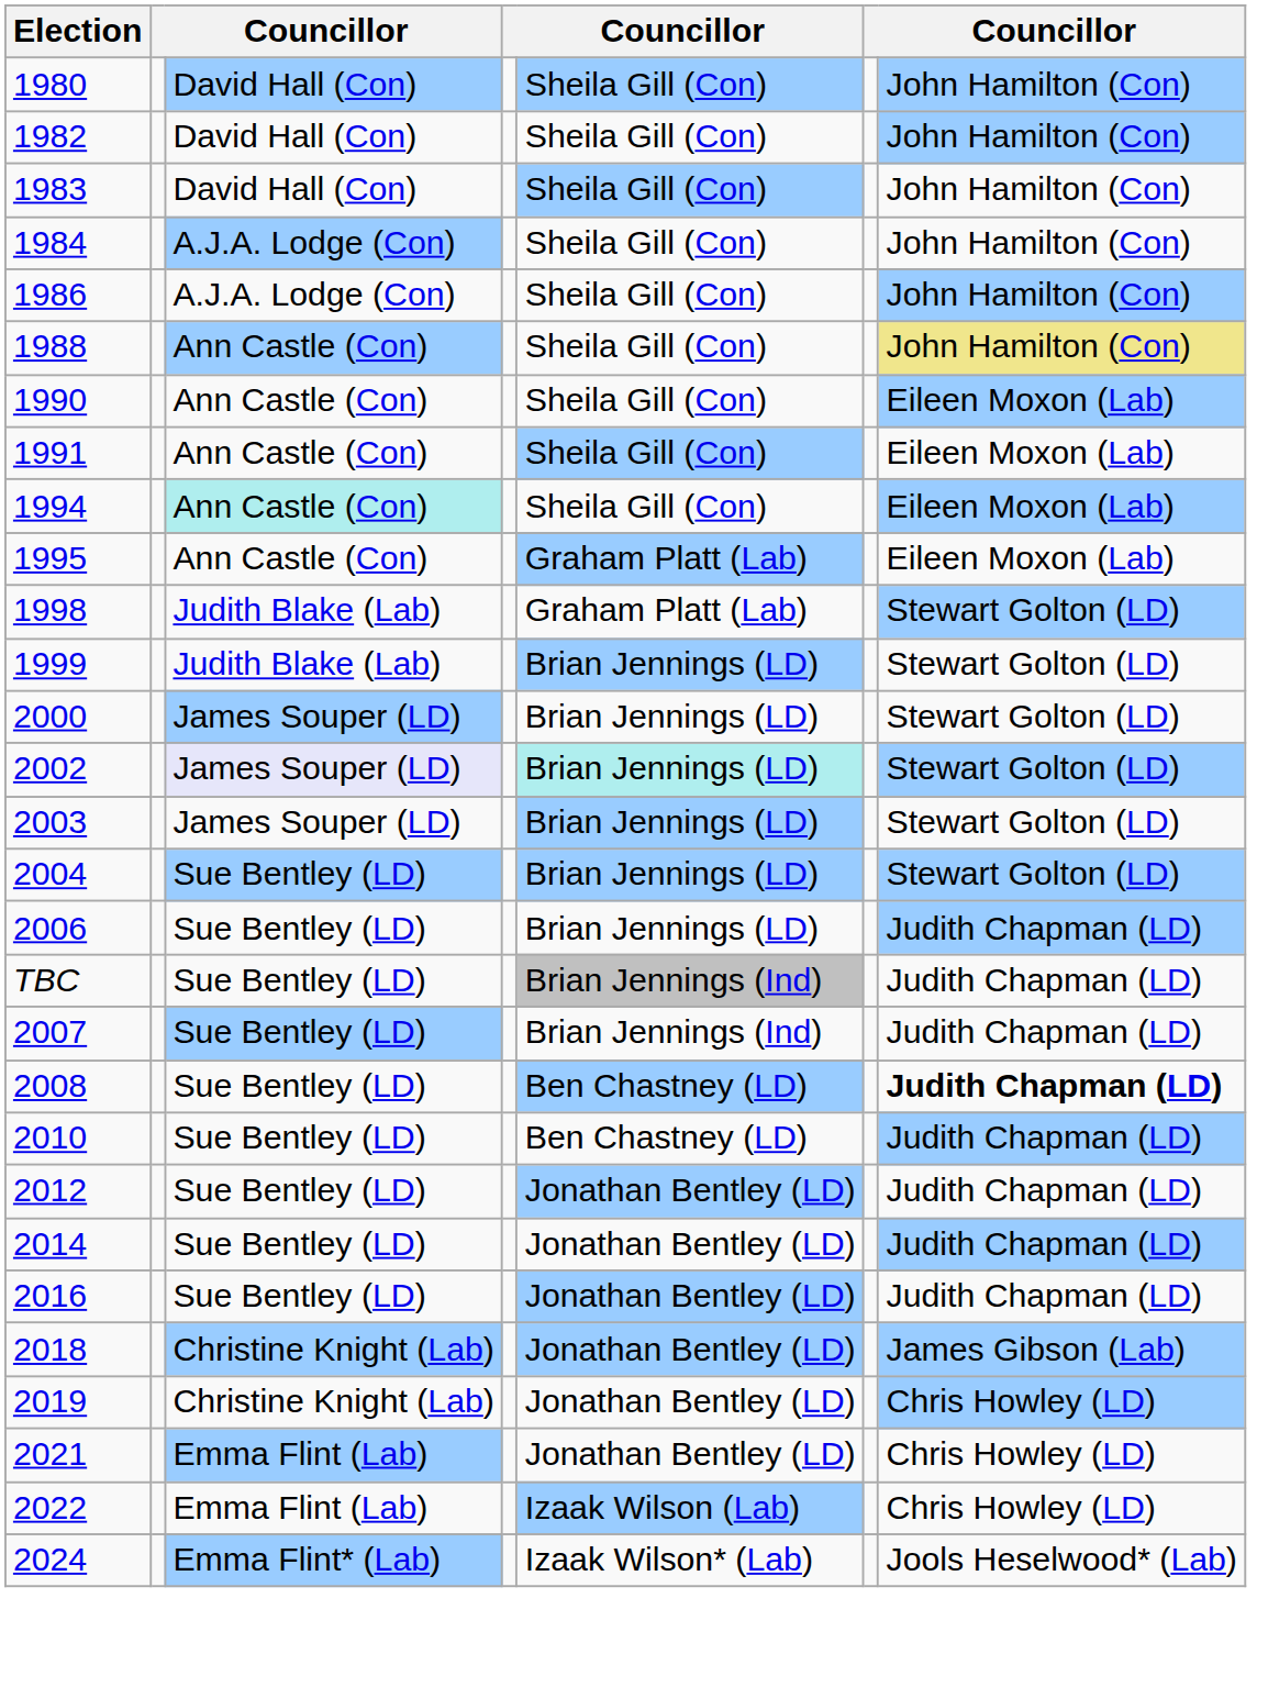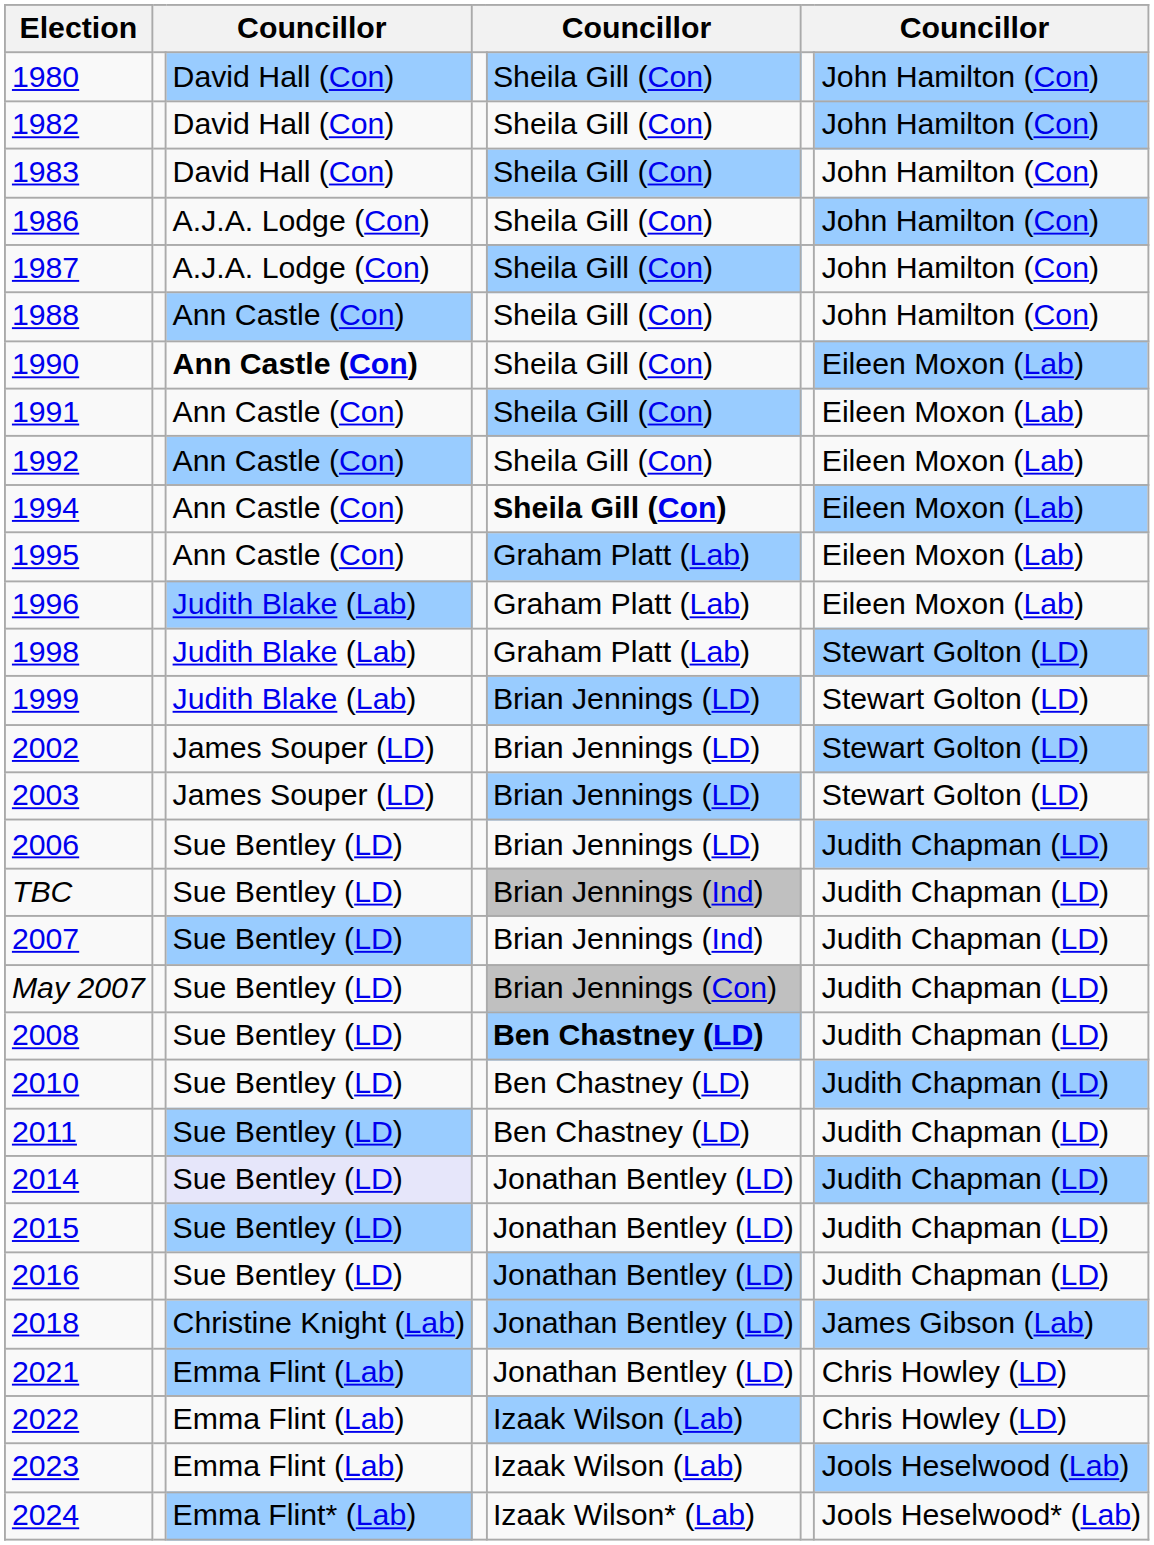 <table class="wikitable">
 <tr>
 <th>Election</th>
 <th colspan="2">Councillor</th>
 <th colspan="2">Councillor</th>
 <th colspan="2">Councillor</th>
 </tr>
 <tr>
 <td><a href='#'>1980</a></td>
 <td style="background-color: "></td>
 <td bgcolor="#99CCFF">David Hall (<a href='#'>Con</a>)</td>
 <td style="background-color: "></td>
 <td bgcolor="#99CCFF">Sheila Gill (<a href='#'>Con</a>)</td>
 <td style="background-color: "></td>
 <td bgcolor="#99CCFF">John Hamilton (<a href='#'>Con</a>)</td>
 </tr>
 <tr>
 <td><a href='#'>1982</a></td>
 <td style="background-color: "></td>
 <td>David Hall (<a href='#'>Con</a>)</td>
 <td style="background-color: "></td>
 <td>Sheila Gill (<a href='#'>Con</a>)</td>
 <td style="background-color: "></td>
 <td bgcolor="#99CCFF">John Hamilton (<a href='#'>Con</a>)</td>
 </tr>
 <tr>
 <td><a href='#'>1983</a></td>
 <td style="background-color: "></td>
 <td>David Hall (<a href='#'>Con</a>)</td>
 <td style="background-color: "></td>
 <td bgcolor="#99CCFF">Sheila Gill (<a href='#'>Con</a>)</td>
 <td style="background-color: "></td>
 <td>John Hamilton (<a href='#'>Con</a>)</td>
 </tr>
 <tr>
-<td><a href='#'>1984</a></td>
-<td style="background-color: "></td>
-<td bgcolor="#99CCFF">A.J.A. Lodge (<a href='#'>Con</a>)</td>
-<td style="background-color: "></td>
-<td>Sheila Gill (<a href='#'>Con</a>)</td>
-<td style="background-color: "></td>
-<td>John Hamilton (<a href='#'>Con</a>)</td>
-</tr>
-<tr>
 <td><a href='#'>1986</a></td>
 <td style="background-color: "></td>
 <td>A.J.A. Lodge (<a href='#'>Con</a>)</td>
 <td style="background-color: "></td>
 <td>Sheila Gill (<a href='#'>Con</a>)</td>
 <td style="background-color: "></td>
 <td bgcolor="#99CCFF">John Hamilton (<a href='#'>Con</a>)</td>
 </tr>
 <tr>
+<td><a href='#'>1987</a></td>
+<td style="background-color: "></td>
+<td>A.J.A. Lodge (<a href='#'>Con</a>)</td>
+<td style="background-color: "></td>
+<td bgcolor="#99CCFF">Sheila Gill (<a href='#'>Con</a>)</td>
+<td style="background-color: "></td>
+<td>John Hamilton (<a href='#'>Con</a>)</td>
+</tr>
+<tr>
 <td><a href='#'>1988</a></td>
 <td style="background-color: "></td>
 <td bgcolor="#99CCFF">Ann Castle (<a href='#'>Con</a>)</td>
 <td style="background-color: "></td>
 <td>Sheila Gill (<a href='#'>Con</a>)</td>
 <td style="background-color: "></td>
-<td style="background: khaki;">John Hamilton (<a href='#'>Con</a>)</td>
+<td>John Hamilton (<a href='#'>Con</a>)</td>
 </tr>
 <tr>
 <td><a href='#'>1990</a></td>
 <td style="background-color: "></td>
-<td>Ann Castle (<a href='#'>Con</a>)</td>
+<td><strong>Ann Castle (<a href='#'>Con</a>)</strong></td>
 <td style="background-color: "></td>
 <td>Sheila Gill (<a href='#'>Con</a>)</td>
 <td style="background-color: "></td>
 <td bgcolor="#99CCFF">Eileen Moxon (<a href='#'>Lab</a>)</td>
 </tr>
 <tr>
 <td><a href='#'>1991</a></td>
 <td style="background-color: "></td>
 <td>Ann Castle (<a href='#'>Con</a>)</td>
 <td style="background-color: "></td>
 <td bgcolor="#99CCFF">Sheila Gill (<a href='#'>Con</a>)</td>
 <td style="background-color: "></td>
 <td>Eileen Moxon (<a href='#'>Lab</a>)</td>
 </tr>
 <tr>
+<td><a href='#'>1992</a></td>
+<td style="background-color: "></td>
+<td bgcolor="#99CCFF">Ann Castle (<a href='#'>Con</a>)</td>
+<td style="background-color: "></td>
+<td>Sheila Gill (<a href='#'>Con</a>)</td>
+<td style="background-color: "></td>
+<td>Eileen Moxon (<a href='#'>Lab</a>)</td>
+</tr>
+<tr>
 <td><a href='#'>1994</a></td>
 <td style="background-color: "></td>
-<td style="background: paleturquoise;">Ann Castle (<a href='#'>Con</a>)</td>
+<td>Ann Castle (<a href='#'>Con</a>)</td>
 <td style="background-color: "></td>
-<td>Sheila Gill (<a href='#'>Con</a>)</td>
+<td><strong>Sheila Gill (<a href='#'>Con</a>)</strong></td>
 <td style="background-color: "></td>
 <td bgcolor="#99CCFF">Eileen Moxon (<a href='#'>Lab</a>)</td>
 </tr>
 <tr>
 <td><a href='#'>1995</a></td>
 <td style="background-color: "></td>
 <td>Ann Castle (<a href='#'>Con</a>)</td>
 <td style="background-color: "></td>
 <td bgcolor="#99CCFF">Graham Platt (<a href='#'>Lab</a>)</td>
+<td style="background-color: "></td>
+<td>Eileen Moxon (<a href='#'>Lab</a>)</td>
+</tr>
+<tr>
+<td><a href='#'>1996</a></td>
+<td style="background-color: "></td>
+<td bgcolor="#99CCFF"><a href='#'>Judith Blake</a> (<a href='#'>Lab</a>)<br></td>
+<td style="background-color: "></td>
+<td>Graham Platt (<a href='#'>Lab</a>)</td>
 <td style="background-color: "></td>
 <td>Eileen Moxon (<a href='#'>Lab</a>)</td>
 </tr>
 <tr>
 <td><a href='#'>1998</a></td>
 <td style="background-color: "></td>
 <td><a href='#'>Judith Blake</a> (<a href='#'>Lab</a>)</td>
 <td style="background-color: "></td>
 <td>Graham Platt (<a href='#'>Lab</a>)</td>
 <td style="background-color: "></td>
 <td bgcolor="#99CCFF">Stewart Golton (<a href='#'>LD</a>)</td>
 </tr>
 <tr>
 <td><a href='#'>1999</a></td>
 <td style="background-color: "></td>
 <td><a href='#'>Judith Blake</a> (<a href='#'>Lab</a>)</td>
 <td style="background-color: "></td>
 <td bgcolor="#99CCFF">Brian Jennings (<a href='#'>LD</a>)</td>
 <td style="background-color: "></td>
 <td>Stewart Golton (<a href='#'>LD</a>)</td>
 </tr>
 <tr>
-<td><a href='#'>2000</a></td>
+<td><a href='#'>2002</a></td>
 <td style="background-color: "></td>
-<td bgcolor="#99CCFF">James Souper (<a href='#'>LD</a>)</td>
+<td>James Souper (<a href='#'>LD</a>)</td>
 <td style="background-color: "></td>
 <td>Brian Jennings (<a href='#'>LD</a>)</td>
-<td style="background-color: "></td>
-<td>Stewart Golton (<a href='#'>LD</a>)</td>
-</tr>
-<tr>
-<td><a href='#'>2002</a></td>
-<td style="background-color: "></td>
-<td style="background: lavender;">James Souper (<a href='#'>LD</a>)</td>
-<td style="background-color: "></td>
-<td style="background: paleturquoise;">Brian Jennings (<a href='#'>LD</a>)</td>
 <td style="background-color: "></td>
 <td bgcolor="#99CCFF">Stewart Golton (<a href='#'>LD</a>)</td>
 </tr>
 <tr>
 <td><a href='#'>2003</a></td>
 <td style="background-color: "></td>
 <td>James Souper (<a href='#'>LD</a>)</td>
 <td style="background-color: "></td>
 <td bgcolor="#99CCFF">Brian Jennings (<a href='#'>LD</a>)</td>
 <td style="background-color: "></td>
 <td>Stewart Golton (<a href='#'>LD</a>)</td>
-</tr>
-<tr>
-<td><a href='#'>2004</a></td>
-<td style="background-color: "></td>
-<td bgcolor="#99CCFF">Sue Bentley (<a href='#'>LD</a>)</td>
-<td style="background-color: "></td>
-<td bgcolor="#99CCFF">Brian Jennings (<a href='#'>LD</a>)</td>
-<td style="background-color: "></td>
-<td bgcolor="#99CCFF">Stewart Golton (<a href='#'>LD</a>)</td>
 </tr>
 <tr>
 <td><a href='#'>2006</a></td>
 <td style="background-color: "></td>
 <td>Sue Bentley (<a href='#'>LD</a>)</td>
 <td style="background-color: "></td>
 <td>Brian Jennings (<a href='#'>LD</a>)</td>
 <td style="background-color: "></td>
 <td bgcolor="#99CCFF">Judith Chapman (<a href='#'>LD</a>)</td>
 </tr>
 <tr>
 <td><em>TBC</em></td>
 <td style="background-color: "></td>
 <td>Sue Bentley (<a href='#'>LD</a>)</td>
 <td style="background-color: "></td>
 <td bgcolor="#C0C0C0">Brian Jennings (<a href='#'>Ind</a>)</td>
 <td style="background-color: "></td>
 <td>Judith Chapman (<a href='#'>LD</a>)</td>
 </tr>
 <tr>
 <td><a href='#'>2007</a></td>
 <td style="background-color: "></td>
 <td bgcolor="#99CCFF">Sue Bentley (<a href='#'>LD</a>)</td>
 <td style="background-color: "></td>
 <td>Brian Jennings (<a href='#'>Ind</a>)</td>
 <td style="background-color: "></td>
 <td>Judith Chapman (<a href='#'>LD</a>)</td>
 </tr>
 <tr>
+<td><em>May 2007</em></td>
+<td style="background-color: "></td>
+<td>Sue Bentley (<a href='#'>LD</a>)</td>
+<td style="background-color: "></td>
+<td bgcolor="#C0C0C0">Brian Jennings (<a href='#'>Con</a>)</td>
+<td style="background-color: "></td>
+<td>Judith Chapman (<a href='#'>LD</a>)</td>
+</tr>
+<tr>
 <td><a href='#'>2008</a></td>
 <td style="background-color: "></td>
 <td>Sue Bentley (<a href='#'>LD</a>)</td>
 <td style="background-color: "></td>
-<td bgcolor="#99CCFF">Ben Chastney (<a href='#'>LD</a>)</td>
+<td bgcolor="#99CCFF"><strong>Ben Chastney (<a href='#'>LD</a>)</strong></td>
 <td style="background-color: "></td>
-<td><strong>Judith Chapman (<a href='#'>LD</a>)</strong></td>
+<td>Judith Chapman (<a href='#'>LD</a>)</td>
 </tr>
 <tr>
 <td><a href='#'>2010</a></td>
 <td style="background-color: "></td>
 <td>Sue Bentley (<a href='#'>LD</a>)</td>
 <td style="background-color: "></td>
 <td>Ben Chastney (<a href='#'>LD</a>)</td>
 <td style="background-color: "></td>
 <td bgcolor="#99CCFF">Judith Chapman (<a href='#'>LD</a>)</td>
 </tr>
 <tr>
-<td><a href='#'>2012</a></td>
+<td><a href='#'>2011</a></td>
 <td style="background-color: "></td>
-<td>Sue Bentley (<a href='#'>LD</a>)</td>
+<td bgcolor="#99CCFF">Sue Bentley (<a href='#'>LD</a>)</td>
 <td style="background-color: "></td>
-<td bgcolor="#99CCFF">Jonathan Bentley (<a href='#'>LD</a>)</td>
+<td>Ben Chastney (<a href='#'>LD</a>)</td>
 <td style="background-color: "></td>
 <td>Judith Chapman (<a href='#'>LD</a>)</td>
 </tr>
 <tr>
 <td><a href='#'>2014</a></td>
 <td style="background-color: "></td>
-<td>Sue Bentley (<a href='#'>LD</a>)</td>
+<td style="background: lavender;">Sue Bentley (<a href='#'>LD</a>)</td>
 <td style="background-color: "></td>
 <td>Jonathan Bentley (<a href='#'>LD</a>)</td>
 <td style="background-color: "></td>
 <td bgcolor="#99CCFF">Judith Chapman (<a href='#'>LD</a>)</td>
+</tr>
+<tr>
+<td><a href='#'>2015</a></td>
+<td style="background-color: "></td>
+<td bgcolor="#99CCFF">Sue Bentley (<a href='#'>LD</a>)</td>
+<td style="background-color: "></td>
+<td>Jonathan Bentley (<a href='#'>LD</a>)</td>
+<td style="background-color: "></td>
+<td>Judith Chapman (<a href='#'>LD</a>)</td>
 </tr>
 <tr>
 <td><a href='#'>2016</a></td>
 <td style="background-color: "></td>
 <td>Sue Bentley (<a href='#'>LD</a>)</td>
 <td style="background-color: "></td>
 <td bgcolor="#99CCFF">Jonathan Bentley (<a href='#'>LD</a>)</td>
 <td style="background-color: "></td>
 <td>Judith Chapman (<a href='#'>LD</a>)</td>
 </tr>
 <tr>
 <td><a href='#'>2018</a></td>
 <td style="background-color: "></td>
 <td bgcolor="#99CCFF">Christine Knight (<a href='#'>Lab</a>)</td>
 <td style="background-color: "></td>
 <td bgcolor="#99CCFF">Jonathan Bentley (<a href='#'>LD</a>)</td>
 <td style="background-color: "></td>
 <td bgcolor="#99CCFF">James Gibson (<a href='#'>Lab</a>)</td>
 </tr>
 <tr>
-<td><a href='#'>2019</a></td>
-<td style="background-color: "></td>
-<td>Christine Knight (<a href='#'>Lab</a>)</td>
-<td style="background-color: "></td>
-<td>Jonathan Bentley (<a href='#'>LD</a>)</td>
-<td style="background-color: "></td>
-<td bgcolor="#99CCFF">Chris Howley (<a href='#'>LD</a>)<br></td>
-</tr>
-<tr>
 <td><a href='#'>2021</a></td>
 <td style="background-color: "></td>
 <td bgcolor="#99CCFF">Emma Flint (<a href='#'>Lab</a>)</td>
 <td style="background-color: "></td>
 <td>Jonathan Bentley (<a href='#'>LD</a>)</td>
 <td style="background-color: "></td>
 <td>Chris Howley (<a href='#'>LD</a>)</td>
 </tr>
 <tr>
 <td><a href='#'>2022</a></td>
 <td style="background-color: "></td>
 <td>Emma Flint (<a href='#'>Lab</a>)</td>
 <td style="background-color: "></td>
 <td bgcolor="#99CCFF">Izaak Wilson (<a href='#'>Lab</a>)</td>
 <td style="background-color: "></td>
 <td>Chris Howley (<a href='#'>LD</a>)</td>
 </tr>
 <tr>
+<td><a href='#'>2023</a></td>
+<td style="background-color: "></td>
+<td>Emma Flint (<a href='#'>Lab</a>)</td>
+<td style="background-color: "></td>
+<td>Izaak Wilson (<a href='#'>Lab</a>)</td>
+<td style="background-color: "></td>
+<td bgcolor="#99CCFF">Jools Heselwood (<a href='#'>Lab</a>)</td>
+</tr>
+<tr>
 <td><a href='#'>2024</a></td>
 <td style="background-color: "></td>
 <td bgcolor="#99CCFF">Emma Flint* (<a href='#'>Lab</a>)</td>
 <td style="background-color: "></td>
 <td>Izaak Wilson* (<a href='#'>Lab</a>)</td>
 <td style="background-color: "></td>
 <td>Jools Heselwood* (<a href='#'>Lab</a>)</td>
 </tr>
 </table>
